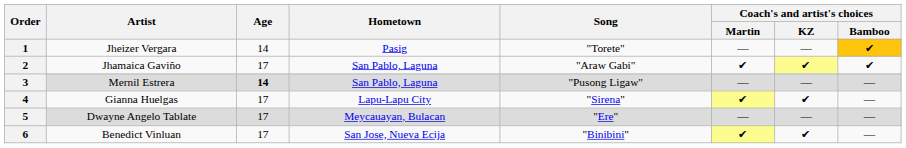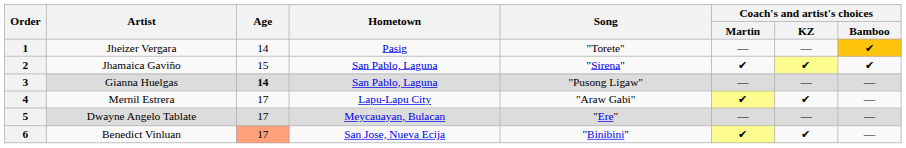 <table class="wikitable" style="text-align:center; line-height:17px; width:100%">
 <tr>
 <th scope="col" rowspan="2" style="width:04%">Order</th>
 <th scope="col" rowspan="2" style="width:18%">Artist</th>
 <th scope="col" rowspan="2" style="width:05%">Age</th>
 <th scope="col" rowspan="2" style="width:20%">Hometown</th>
 <th scope="col" rowspan="2" style="width:20%">Song</th>
 <th scope="col" colspan="3" style="width:24%">Coach's and artist's choices</th>
 </tr>
 <tr>
 <th style="width:06%">Martin</th>
 <th style="width:06%">KZ</th>
 <th style="width:06%">Bamboo</th>
 </tr>
 <tr>
 <th>1</th>
 <td>Jheizer Vergara</td>
 <td>14</td>
 <td><a href='#'>Pasig</a></td>
 <td>"Torete"</td>
 <td>—</td>
 <td>—</td>
 <td style="background:#FFC40C;">✔</td>
 </tr>
 <tr>
 <th>2</th>
 <td>Jhamaica Gaviño</td>
-<td>17</td>
+<td>15</td>
 <td><a href='#'>San Pablo, Laguna</a></td>
-<td>"Araw Gabi"</td>
+<td>"<a href='#'>Sirena</a>"</td>
 <td>✔</td>
 <td style="background:#fdfc8f;">✔</td>
 <td>✔</td>
 </tr>
 <tr style="background:#DCDCDC; |">
 <th>3</th>
-<td>Mernil Estrera</td>
+<td>Gianna Huelgas</td>
 <td><strong>14</strong></td>
 <td><a href='#'>San Pablo, Laguna</a></td>
 <td>"Pusong Ligaw"</td>
 <td>—</td>
 <td>—</td>
 <td>—</td>
 </tr>
 <tr>
 <th>4</th>
-<td>Gianna Huelgas</td>
+<td>Mernil Estrera</td>
 <td>17</td>
 <td><a href='#'>Lapu-Lapu City</a></td>
-<td>"<a href='#'>Sirena</a>"</td>
+<td>"Araw Gabi"</td>
 <td style="background:#fdfc8f;">✔</td>
 <td>✔</td>
 <td>—</td>
 </tr>
 <tr style="background:#DCDCDC; |">
 <th>5</th>
 <td>Dwayne Angelo Tablate</td>
 <td>17</td>
 <td><a href='#'>Meycauayan, Bulacan</a></td>
 <td>"<a href='#'>Ere</a>"</td>
 <td>—</td>
 <td>—</td>
 <td>—</td>
 </tr>
 <tr>
 <th>6</th>
 <td>Benedict Vinluan</td>
-<td>17</td>
+<td style="background: lightsalmon;">17</td>
 <td><a href='#'>San Jose, Nueva Ecija</a></td>
 <td>"<a href='#'>Binibini</a>"</td>
 <td style="background:#fdfc8f;">✔</td>
 <td>✔</td>
 <td>—</td>
 </tr>
 </table>
